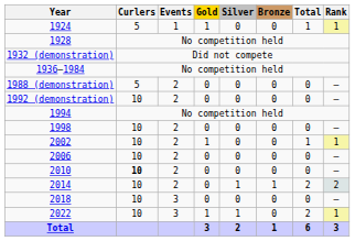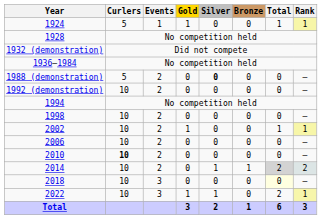 <table class="wikitable sortable collapsible collapsed">
 <tr>
 <th>Year</th>
 <th>Curlers</th>
 <th>Events</th>
 <th style="text-align:center; background-color:gold;"><strong>Gold</strong></th>
 <th style="text-align:center; background-color:silver;"><strong>Silver</strong></th>
 <th style="text-align:center; background-color:#c96;"><strong>Bronze</strong></th>
 <th>Total</th>
 <th>Rank</th>
 </tr>
 <tr style="text-align:center">
 <td><a href='#'>1924</a></td>
 <td>5</td>
 <td>1</td>
 <td>1</td>
 <td>0</td>
 <td>0</td>
 <td>1</td>
 <td style="background-color:#F7F6A8">1</td>
 </tr>
 <tr style="text-align:center">
 <td><a href='#'>1928</a></td>
 <td colspan=7>No competition held</td>
 </tr>
 <tr style="text-align:center">
 <td><a href='#'>1932 (demonstration)</a></td>
 <td colspan=7>Did not compete</td>
 </tr>
 <tr style="text-align:center">
 <td><a href='#'>1936</a>–<a href='#'>1984</a></td>
 <td colspan=7>No competition held</td>
 </tr>
 <tr style="text-align:center">
 <td><a href='#'>1988 (demonstration)</a></td>
 <td>5</td>
 <td>2</td>
 <td>0</td>
-<td>0</td>
+<td><strong>0</strong></td>
 <td>0</td>
 <td>0</td>
 <td>–</td>
 </tr>
 <tr style="text-align:center">
 <td><a href='#'>1992 (demonstration)</a></td>
 <td>10</td>
 <td>2</td>
 <td>0</td>
 <td>0</td>
 <td>0</td>
 <td>0</td>
 <td>–</td>
 </tr>
 <tr style="text-align:center">
 <td><a href='#'>1994</a></td>
 <td colspan=7>No competition held</td>
 </tr>
 <tr style="text-align:center">
 <td><a href='#'>1998</a></td>
 <td>10</td>
 <td>2</td>
 <td>0</td>
 <td>0</td>
 <td>0</td>
 <td>0</td>
 <td>–</td>
 </tr>
 <tr style="text-align:center">
 <td><a href='#'>2002</a></td>
 <td>10</td>
 <td>2</td>
 <td>1</td>
 <td>0</td>
 <td>0</td>
 <td>1</td>
 <td style="background-color:#F7F6A8">1</td>
 </tr>
 <tr style="text-align:center">
 <td><a href='#'>2006</a></td>
 <td>10</td>
 <td>2</td>
 <td>0</td>
 <td>0</td>
 <td>0</td>
 <td>0</td>
 <td>–</td>
 </tr>
 <tr style="text-align:center">
 <td><a href='#'>2010</a></td>
 <td><strong>10</strong></td>
 <td>2</td>
 <td>0</td>
 <td>0</td>
 <td>0</td>
 <td>0</td>
 <td>–</td>
 </tr>
 <tr style="text-align:center">
 <td><a href='#'>2014</a></td>
 <td>10</td>
 <td>2</td>
 <td>0</td>
 <td>1</td>
 <td>1</td>
-<td>2</td>
+<td style="background: lightgrey;">2</td>
 <td style="background-color:#dce5e5">2</td>
 </tr>
 <tr style="text-align:center">
 <td><a href='#'>2018</a></td>
 <td>10</td>
 <td>3</td>
 <td>0</td>
 <td>0</td>
 <td>0</td>
-<td>0</td>
+<td style="background: lightyellow;">0</td>
 <td>–</td>
 </tr>
 <tr style="text-align:center">
 <td><a href='#'>2022</a></td>
 <td>10</td>
 <td>3</td>
 <td>1</td>
 <td>1</td>
 <td>0</td>
 <td>2</td>
 <td style="background-color:#F7F6AB">1</td>
 </tr>
 <tr style="text-align:center; background-color:#ccf;">
 <td><strong><a href='#'>Total</a></strong></td>
 <td></td>
 <td></td>
 <td><strong>3</strong></td>
 <td><strong>2</strong></td>
 <td><strong>1</strong></td>
 <td><strong>6</strong></td>
 <td><strong>3</strong></td>
 </tr>
 </table>
